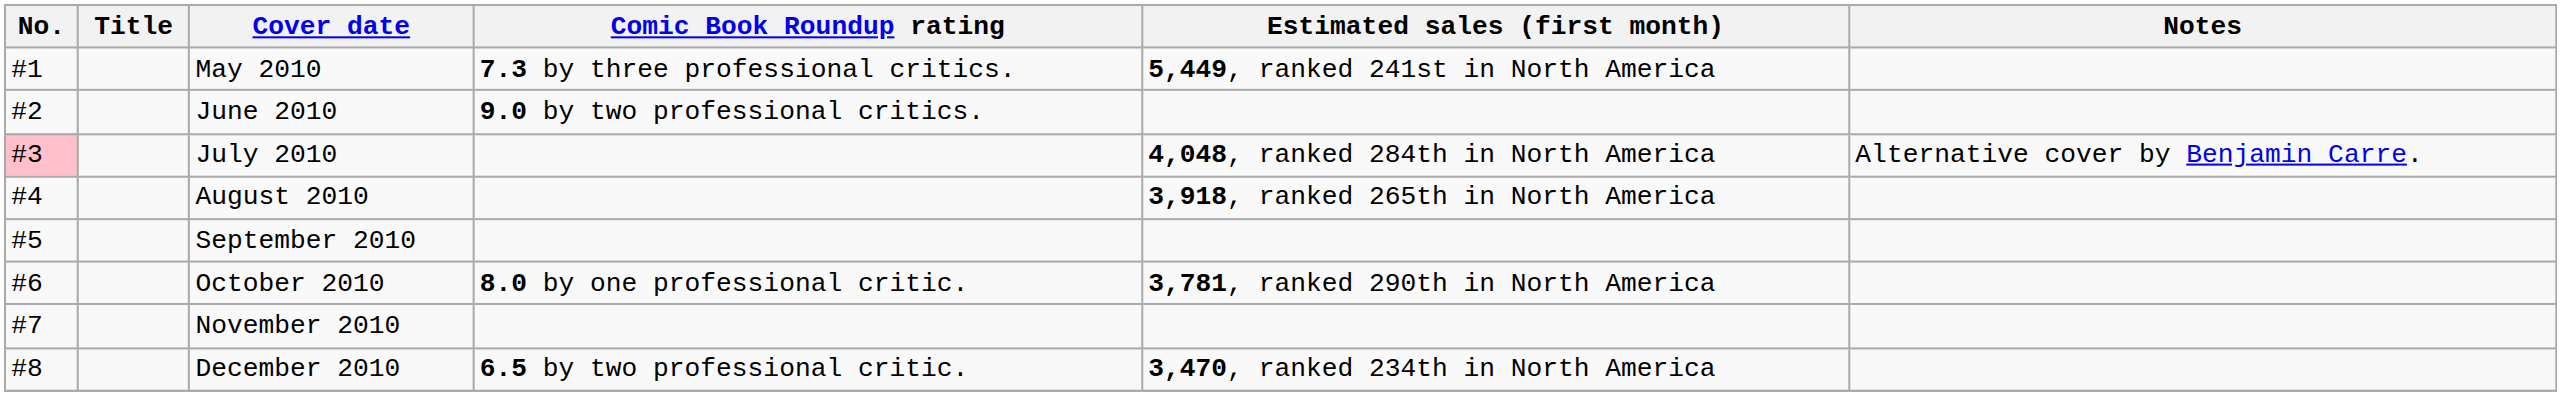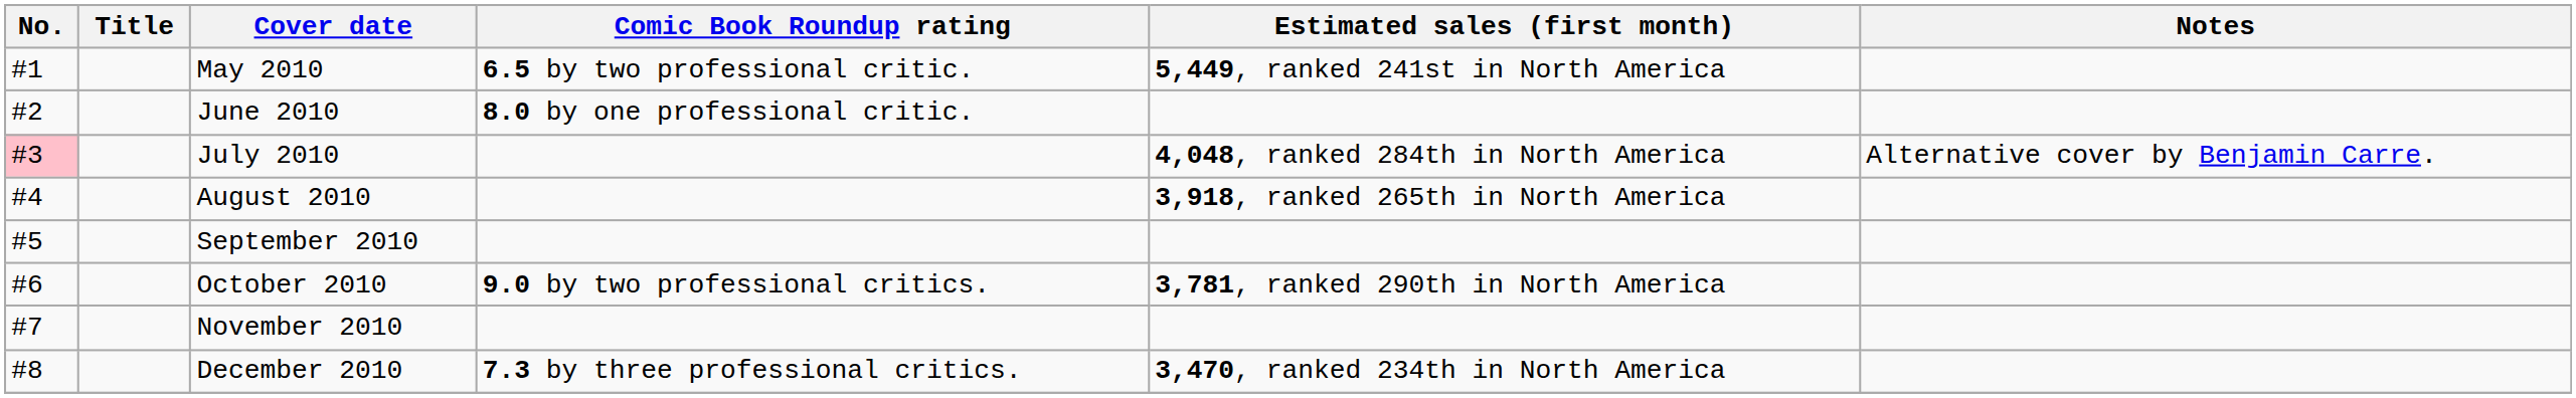 <table class="wikitable" width=100%>
 <tr>
 <th>No.</th>
 <th>Title</th>
 <th><a href='#'>Cover date</a></th>
 <th><a href='#'>Comic Book Roundup</a> rating</th>
 <th>Estimated sales (first month)</th>
 <th>Notes</th>
 </tr>
 <tr>
 <td>#1</td>
 <td></td>
 <td>May 2010</td>
-<td><strong>7.3</strong> by three professional critics.</td>
+<td><strong>6.5</strong> by two professional critic.</td>
 <td><strong>5,449</strong>, ranked 241st in North America</td>
 <td></td>
 </tr>
 <tr>
 <td>#2</td>
 <td></td>
 <td>June 2010</td>
-<td><strong>9.0</strong> by two professional critics.</td>
+<td><strong>8.0</strong> by one professional critic.</td>
 <td></td>
 <td></td>
 </tr>
 <tr>
 <td style="background: pink;">#3</td>
 <td></td>
 <td>July 2010</td>
 <td></td>
 <td><strong>4,048</strong>, ranked 284th in North America</td>
 <td>Alternative cover by <a href='#'>Benjamin Carre</a>.</td>
 </tr>
 <tr>
 <td>#4</td>
 <td></td>
 <td>August 2010</td>
 <td></td>
 <td><strong>3,918</strong>, ranked 265th in North America</td>
 <td></td>
 </tr>
 <tr>
 <td>#5</td>
 <td></td>
 <td>September 2010</td>
 <td></td>
 <td></td>
 <td></td>
 </tr>
 <tr>
 <td>#6</td>
 <td></td>
 <td>October 2010</td>
-<td><strong>8.0</strong> by one professional critic.</td>
+<td><strong>9.0</strong> by two professional critics.</td>
 <td><strong>3,781</strong>, ranked 290th in North America</td>
 <td></td>
 </tr>
 <tr>
 <td>#7</td>
 <td></td>
 <td>November 2010</td>
 <td></td>
 <td></td>
 <td></td>
 </tr>
 <tr>
 <td>#8</td>
 <td></td>
 <td>December 2010</td>
-<td><strong>6.5</strong> by two professional critic.</td>
+<td><strong>7.3</strong> by three professional critics.</td>
 <td><strong>3,470</strong>, ranked 234th in North America</td>
 <td></td>
 </tr>
 <tr>
 </tr>
 </table>
